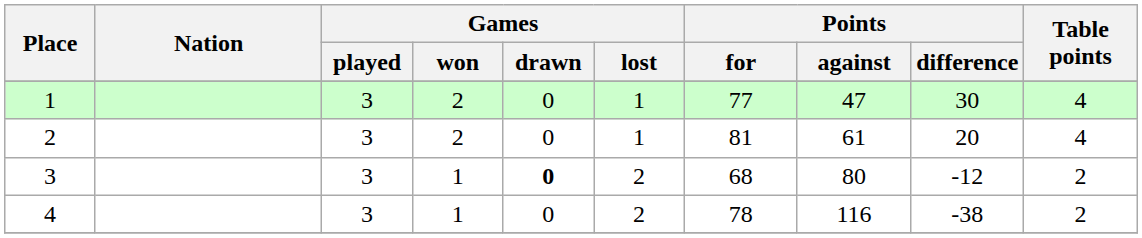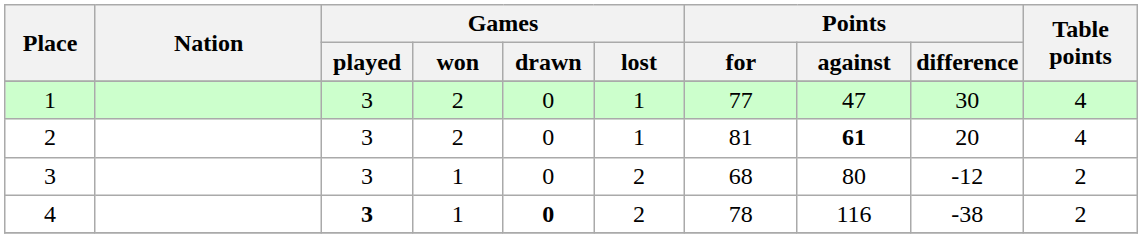 <table class="wikitable">
 <tr>
 <th rowspan=2 width="8%">Place</th>
 <th rowspan=2 width="20%">Nation</th>
 <th colspan=4 width="32%">Games</th>
 <th colspan=3 width="30%">Points</th>
 <th rowspan=2 width="10%">Table<br>points</th>
 </tr>
 <tr>
 <th width="8%">played</th>
 <th width="8%">won</th>
 <th width="8%">drawn</th>
 <th width="8%">lost</th>
 <th width="10%">for</th>
 <th width="10%">against</th>
 <th width="10%">difference</th>
 </tr>
 <tr>
 </tr>
 <tr bgcolor=#ccffcc align=center>
 <td>1</td>
 <td align=left><strong></strong></td>
 <td>3</td>
 <td>2</td>
 <td>0</td>
 <td>1</td>
 <td>77</td>
 <td>47</td>
 <td>30</td>
 <td>4</td>
 </tr>
 <tr bgcolor=#ffffff align=center>
 <td>2</td>
 <td align=left></td>
 <td>3</td>
 <td>2</td>
 <td>0</td>
 <td>1</td>
 <td>81</td>
-<td>61</td>
+<td><strong>61</strong></td>
 <td>20</td>
 <td>4</td>
 </tr>
 <tr bgcolor=#ffffff align=center>
 <td>3</td>
 <td align=left></td>
 <td>3</td>
 <td>1</td>
-<td><strong>0</strong></td>
+<td>0</td>
 <td>2</td>
 <td>68</td>
 <td>80</td>
 <td>-12</td>
 <td>2</td>
 </tr>
 <tr bgcolor=#ffffff align=center>
 <td>4</td>
 <td align=left></td>
-<td>3</td>
+<td><strong>3</strong></td>
 <td>1</td>
-<td>0</td>
+<td><strong>0</strong></td>
 <td>2</td>
 <td>78</td>
 <td>116</td>
 <td>-38</td>
 <td>2</td>
 </tr>
 <tr bgcolor=#ffcccc align=center>
 </tr>
 </table>
